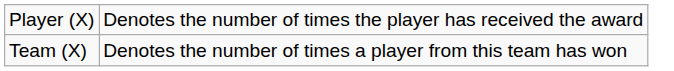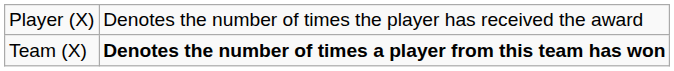 <table class="wikitable">
 <tr>
 <td>Player (X)</td>
 <td>Denotes the number of times the player has received the award</td>
 </tr>
 <tr>
 <td>Team (X)</td>
-<td>Denotes the number of times a player from this team has won</td>
+<td><strong>Denotes the number of times a player from this team has won</strong></td>
 </tr>
 </table>
